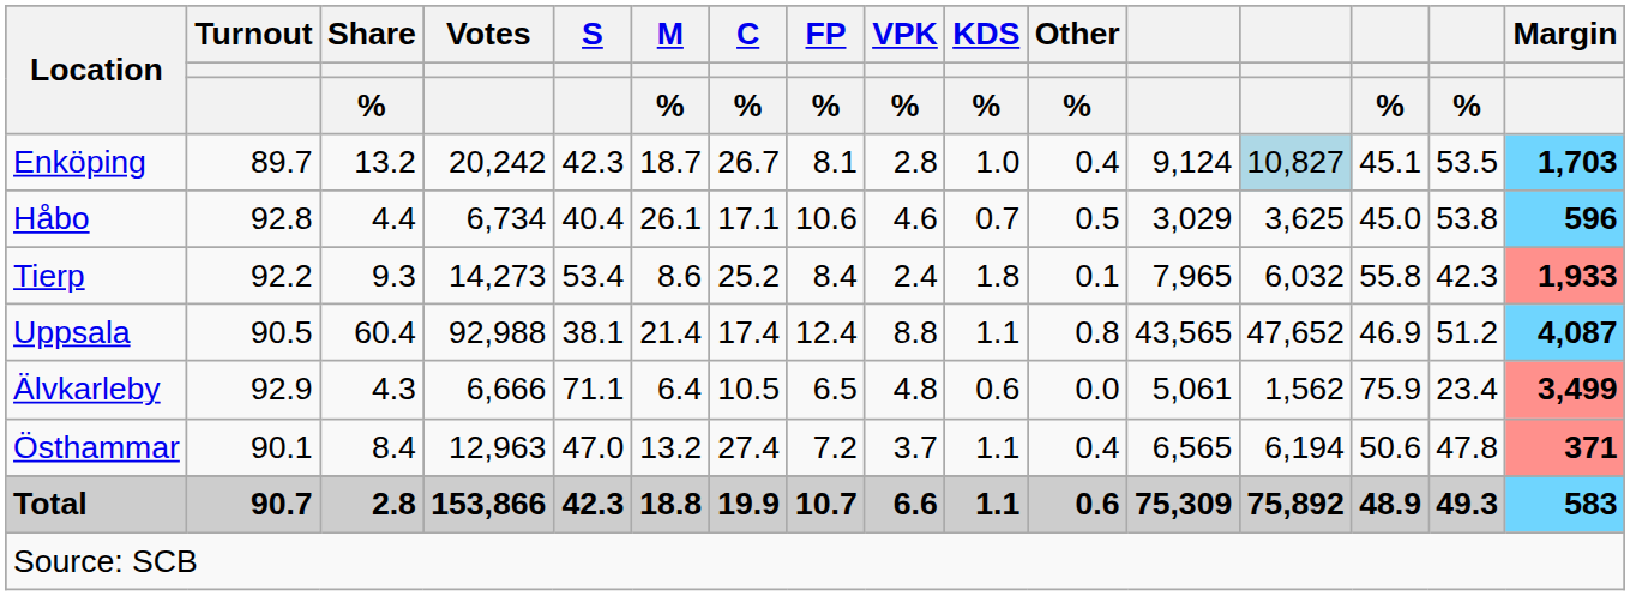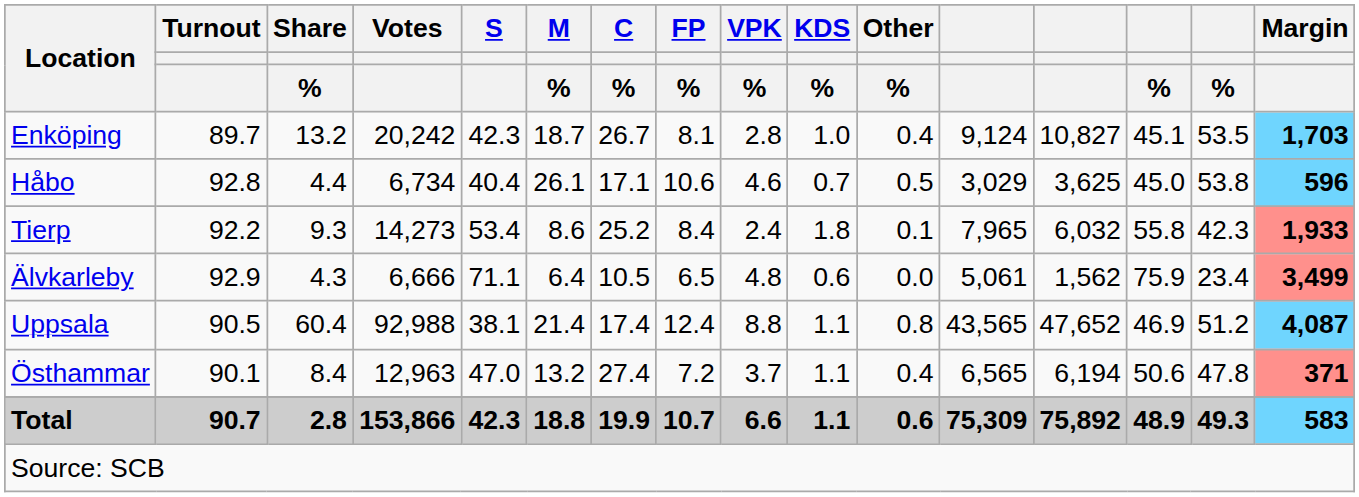 <table class="wikitable sortable" style="text-align:right; font-size:95%; line-height:20px;">
 <tr>
 <th rowspan="3">Location</th>
 <th>Turnout</th>
 <th>Share</th>
 <th>Votes</th>
 <th width="30px" class="unsortable"><a href='#'>S</a></th>
 <th width="30px" class="unsortable"><a href='#'>M</a></th>
 <th width="30px" class="unsortable"><a href='#'>C</a></th>
 <th width="30px" class="unsortable"><a href='#'>FP</a></th>
 <th width="30px" class="unsortable"><a href='#'>VPK</a></th>
 <th width="30px" class="unsortable"><a href='#'>KDS</a></th>
 <th width="30px" class="unsortable">Other</th>
 <th></th>
 <th></th>
 <th></th>
 <th></th>
 <th>Margin</th>
 </tr>
 <tr>
 <th></th>
 <th></th>
 <th></th>
 <th style="background:"></th>
 <th style="background:"></th>
 <th style="background:"></th>
 <th style="background:"></th>
 <th style="background:"></th>
 <th style="background:"></th>
 <th style="background:"></th>
 <th style="background:"></th>
 <th style="background:"></th>
 <th style="background:"></th>
 <th style="background:"></th>
 <th></th>
 </tr>
 <tr>
 <th></th>
 <th data-sort-type="number">%</th>
 <th data-sort-type="number"></th>
 <th></th>
 <th data-sort-type="number">%</th>
 <th data-sort-type="number">%</th>
 <th data-sort-type="number">%</th>
 <th data-sort-type="number">%</th>
 <th data-sort-type="number">%</th>
 <th data-sort-type="number">%</th>
 <th data-sort-type="number"></th>
 <th data-sort-type="number"></th>
 <th data-sort-type="number">%</th>
 <th data-sort-type="number">%</th>
 <th data-sort-type="number"></th>
 </tr>
 <tr>
 <td align=left><a href='#'>Enköping</a></td>
 <td>89.7</td>
 <td>13.2</td>
 <td>20,242</td>
 <td>42.3</td>
 <td>18.7</td>
 <td>26.7</td>
 <td>8.1</td>
 <td>2.8</td>
 <td>1.0</td>
 <td>0.4</td>
 <td>9,124</td>
-<td style="background: lightblue;">10,827</td>
+<td>10,827</td>
 <td>45.1</td>
 <td>53.5</td>
 <td bgcolor=#6fd5fe><strong>1,703</strong></td>
 </tr>
 <tr>
 <td align=left><a href='#'>Håbo</a></td>
 <td>92.8</td>
 <td>4.4</td>
 <td>6,734</td>
 <td>40.4</td>
 <td>26.1</td>
 <td>17.1</td>
 <td>10.6</td>
 <td>4.6</td>
 <td>0.7</td>
 <td>0.5</td>
 <td>3,029</td>
 <td>3,625</td>
 <td>45.0</td>
 <td>53.8</td>
 <td bgcolor=#6fd5fe><strong>596</strong></td>
 </tr>
 <tr>
 <td align=left><a href='#'>Tierp</a></td>
 <td>92.2</td>
 <td>9.3</td>
 <td>14,273</td>
 <td>53.4</td>
 <td>8.6</td>
 <td>25.2</td>
 <td>8.4</td>
 <td>2.4</td>
 <td>1.8</td>
 <td>0.1</td>
 <td>7,965</td>
 <td>6,032</td>
 <td>55.8</td>
 <td>42.3</td>
 <td bgcolor=#ff908c><strong>1,933</strong></td>
 </tr>
 <tr>
+<td align=left><a href='#'>Älvkarleby</a></td>
+<td>92.9</td>
+<td>4.3</td>
+<td>6,666</td>
+<td>71.1</td>
+<td>6.4</td>
+<td>10.5</td>
+<td>6.5</td>
+<td>4.8</td>
+<td>0.6</td>
+<td>0.0</td>
+<td>5,061</td>
+<td>1,562</td>
+<td>75.9</td>
+<td>23.4</td>
+<td bgcolor=#ff908c><strong>3,499</strong></td>
+</tr>
+<tr>
 <td align=left><a href='#'>Uppsala</a></td>
 <td>90.5</td>
 <td>60.4</td>
 <td>92,988</td>
 <td>38.1</td>
 <td>21.4</td>
 <td>17.4</td>
 <td>12.4</td>
 <td>8.8</td>
 <td>1.1</td>
 <td>0.8</td>
 <td>43,565</td>
 <td>47,652</td>
 <td>46.9</td>
 <td>51.2</td>
 <td bgcolor=#6fd5fe><strong>4,087</strong></td>
-</tr>
-<tr>
-<td align=left><a href='#'>Älvkarleby</a></td>
-<td>92.9</td>
-<td>4.3</td>
-<td>6,666</td>
-<td>71.1</td>
-<td>6.4</td>
-<td>10.5</td>
-<td>6.5</td>
-<td>4.8</td>
-<td>0.6</td>
-<td>0.0</td>
-<td>5,061</td>
-<td>1,562</td>
-<td>75.9</td>
-<td>23.4</td>
-<td bgcolor=#ff908c><strong>3,499</strong></td>
 </tr>
 <tr>
 <td align=left><a href='#'>Östhammar</a></td>
 <td>90.1</td>
 <td>8.4</td>
 <td>12,963</td>
 <td>47.0</td>
 <td>13.2</td>
 <td>27.4</td>
 <td>7.2</td>
 <td>3.7</td>
 <td>1.1</td>
 <td>0.4</td>
 <td>6,565</td>
 <td>6,194</td>
 <td>50.6</td>
 <td>47.8</td>
 <td bgcolor=#ff908c><strong>371</strong></td>
 </tr>
 <tr>
 </tr>
 <tr style="background:#CDCDCD;">
 <td align=left><strong>Total</strong></td>
 <td><strong>90.7</strong></td>
 <td><strong>2.8</strong></td>
 <td><strong>153,866</strong></td>
 <td><strong>42.3</strong></td>
 <td><strong>18.8</strong></td>
 <td><strong>19.9</strong></td>
 <td><strong>10.7</strong></td>
 <td><strong>6.6</strong></td>
 <td><strong>1.1</strong></td>
 <td><strong>0.6</strong></td>
 <td><strong>75,309</strong></td>
 <td><strong>75,892</strong></td>
 <td><strong>48.9</strong></td>
 <td><strong>49.3</strong></td>
 <td bgcolor=#6fd5fe><strong>583</strong></td>
 </tr>
 <tr>
 <td align=left colspan=16>Source: SCB </td>
 </tr>
 </table>
